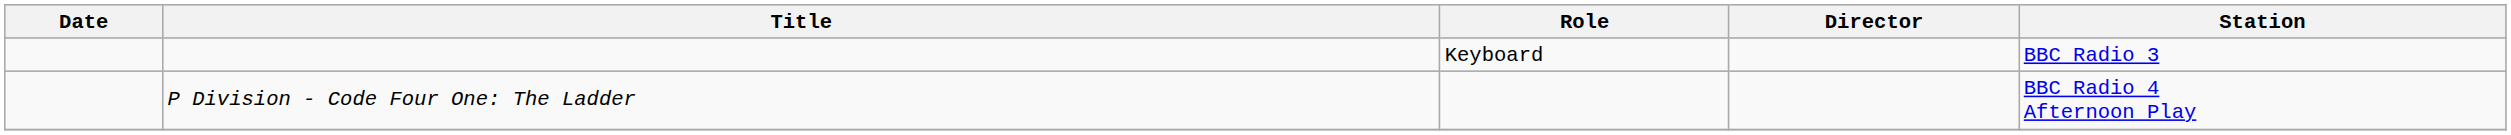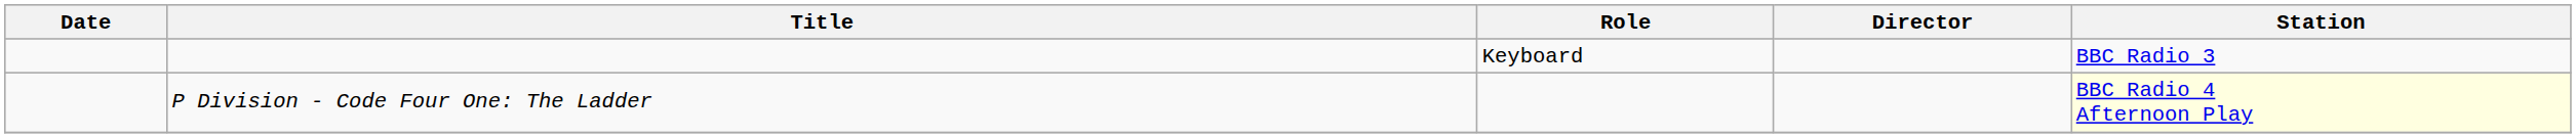 <table class="wikitable sortable" style="width:100%">
 <tr>
 <th>Date</th>
 <th>Title</th>
 <th>Role</th>
 <th>Director</th>
 <th>Station<br></th>
 </tr>
 <tr>
 <td></td>
 <td><em></em></td>
 <td>Keyboard</td>
 <td></td>
 <td><a href='#'>BBC Radio 3</a><br></td>
 </tr>
 <tr>
 <td> </td>
 <td><em>P Division - Code Four One: The Ladder</em></td>
 <td></td>
 <td></td>
-<td><a href='#'>BBC Radio 4</a><br><a href='#'>Afternoon Play</a></td>
+<td style="background: lightyellow;"><a href='#'>BBC Radio 4</a><br><a href='#'>Afternoon Play</a></td>
 </tr>
 <tr>
 </tr>
 </table>
